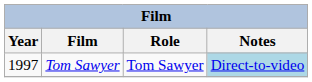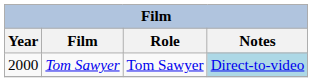 <table class="wikitable" style="font-size:100%;">
 <tr>
 <th colspan="4" style="background: LightSteelBlue;">Film</th>
 </tr>
 <tr>
 <th>Year</th>
 <th>Film</th>
 <th>Role</th>
 <th>Notes</th>
 </tr>
 <tr>
-<td>1997</td>
+<td>2000</td>
 <td><em><a href='#'>Tom Sawyer</a></em></td>
 <td><a href='#'>Tom Sawyer</a></td>
 <td style="background: lightblue;"><a href='#'>Direct-to-video</a></td>
 </tr>
 <tr>
 </tr>
 </table>
